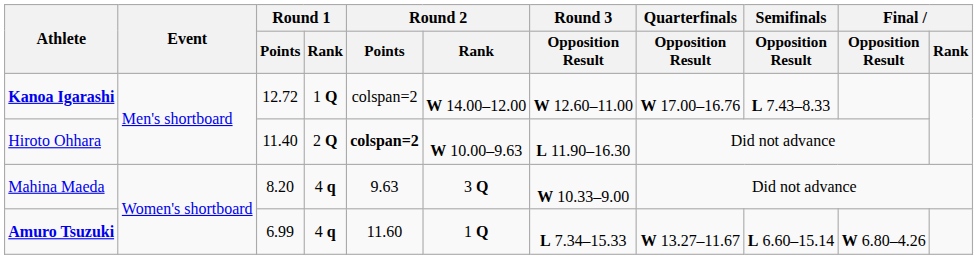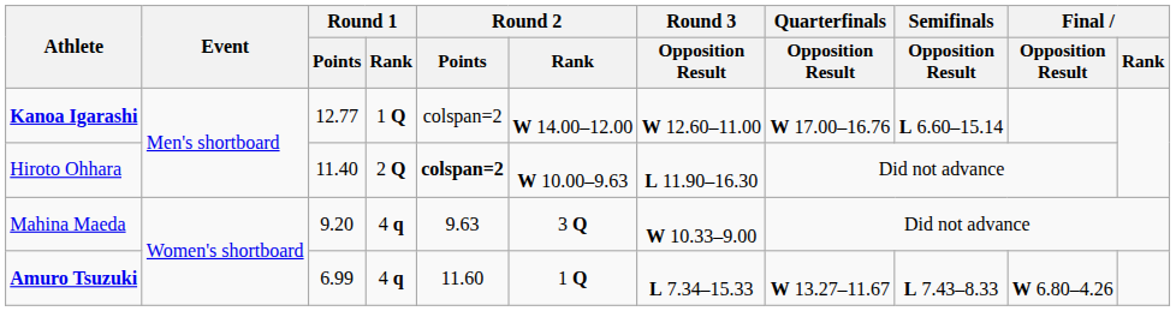 <table class="wikitable" style="font-size:90%">
 <tr>
 <th rowspan=2>Athlete</th>
 <th rowspan=2>Event</th>
 <th colspan=2>Round 1</th>
 <th colspan=2>Round 2</th>
 <th>Round 3</th>
 <th>Quarterfinals</th>
 <th>Semifinals</th>
 <th colspan=2>Final / </th>
 </tr>
 <tr style="font-size: 95%">
 <th>Points</th>
 <th>Rank</th>
 <th>Points</th>
 <th>Rank</th>
 <th>Opposition<br>Result</th>
 <th>Opposition<br>Result</th>
 <th>Opposition<br>Result</th>
 <th>Opposition<br>Result</th>
 <th>Rank</th>
 </tr>
 <tr align=center>
 <td align=left><strong><a href='#'>Kanoa Igarashi</a></strong></td>
 <td align=left rowspan=2><a href='#'>Men's shortboard</a></td>
-<td>12.72</td>
+<td>12.77</td>
 <td>1 <strong>Q</strong></td>
 <td>colspan=2 </td>
 <td><br> <strong>W</strong> 14.00–12.00</td>
 <td><br> <strong>W</strong> 12.60–11.00</td>
 <td><br> <strong>W</strong> 17.00–16.76</td>
-<td><br> <strong>L</strong> 7.43–8.33</td>
+<td><br> <strong>L</strong> 6.60–15.14</td>
 <td></td>
 </tr>
 <tr align=center>
 <td align=left><a href='#'>Hiroto Ohhara</a></td>
 <td>11.40</td>
 <td>2 <strong>Q</strong></td>
 <td><strong>colspan=2 </strong></td>
 <td><br> <strong>W</strong> 10.00–9.63</td>
 <td><br> <strong>L</strong> 11.90–16.30</td>
 <td colspan=3>Did not advance</td>
 </tr>
 <tr align=center>
 <td align=left><a href='#'>Mahina Maeda</a></td>
 <td align=left rowspan=2><a href='#'>Women's shortboard</a></td>
-<td>8.20</td>
+<td>9.20</td>
 <td>4 <strong>q</strong></td>
 <td>9.63</td>
 <td>3 <strong>Q</strong></td>
 <td><br> <strong>W</strong> 10.33–9.00</td>
 <td colspan=4>Did not advance</td>
 </tr>
 <tr align=center>
 <td align=left><strong><a href='#'>Amuro Tsuzuki</a></strong></td>
 <td>6.99</td>
 <td>4 <strong>q</strong></td>
 <td>11.60</td>
 <td>1 <strong>Q</strong></td>
 <td><br> <strong>L</strong> 7.34–15.33</td>
 <td><br> <strong>W</strong> 13.27–11.67</td>
-<td><br> <strong>L</strong> 6.60–15.14</td>
+<td><br> <strong>L</strong> 7.43–8.33</td>
 <td><br> <strong>W</strong> 6.80–4.26</td>
 <td></td>
 </tr>
 </table>
